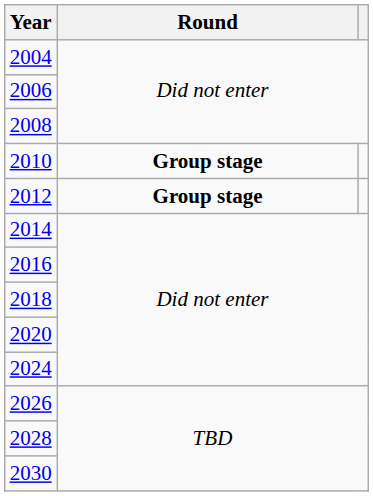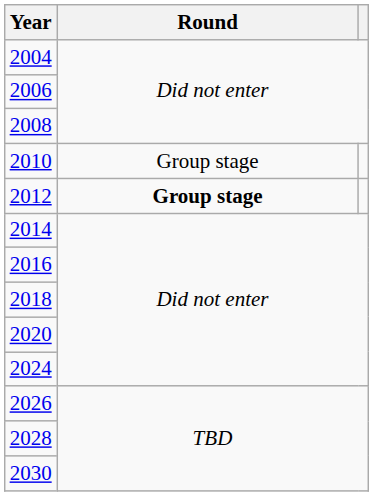 <table class="wikitable" style="text-align: center; font-size:90%">
 <tr>
 <th>Year</th>
 <th style="width:200px">Round</th>
 <th></th>
 </tr>
 <tr>
 <td><a href='#'>2004</a></td>
 <td colspan="2" rowspan="3"><em>Did not enter</em></td>
 </tr>
 <tr>
 <td><a href='#'>2006</a></td>
 </tr>
 <tr>
 <td><a href='#'>2008</a></td>
 </tr>
 <tr>
 <td><a href='#'>2010</a></td>
-<td><strong>Group stage</strong></td>
+<td>Group stage</td>
 <td></td>
 </tr>
 <tr>
 <td><a href='#'>2012</a></td>
 <td><strong>Group stage</strong></td>
 <td></td>
 </tr>
 <tr>
 <td><a href='#'>2014</a></td>
 <td colspan="2" rowspan="5"><em>Did not enter</em></td>
 </tr>
 <tr>
 <td><a href='#'>2016</a></td>
 </tr>
 <tr>
 <td><a href='#'>2018</a></td>
 </tr>
 <tr>
 <td><a href='#'>2020</a></td>
 </tr>
 <tr>
 <td><a href='#'>2024</a></td>
 </tr>
 <tr>
 <td><a href='#'>2026</a></td>
 <td colspan="2" rowspan="3"><em>TBD</em></td>
 </tr>
 <tr>
 <td><a href='#'>2028</a></td>
 </tr>
 <tr>
 <td><a href='#'>2030</a></td>
 </tr>
 </table>
